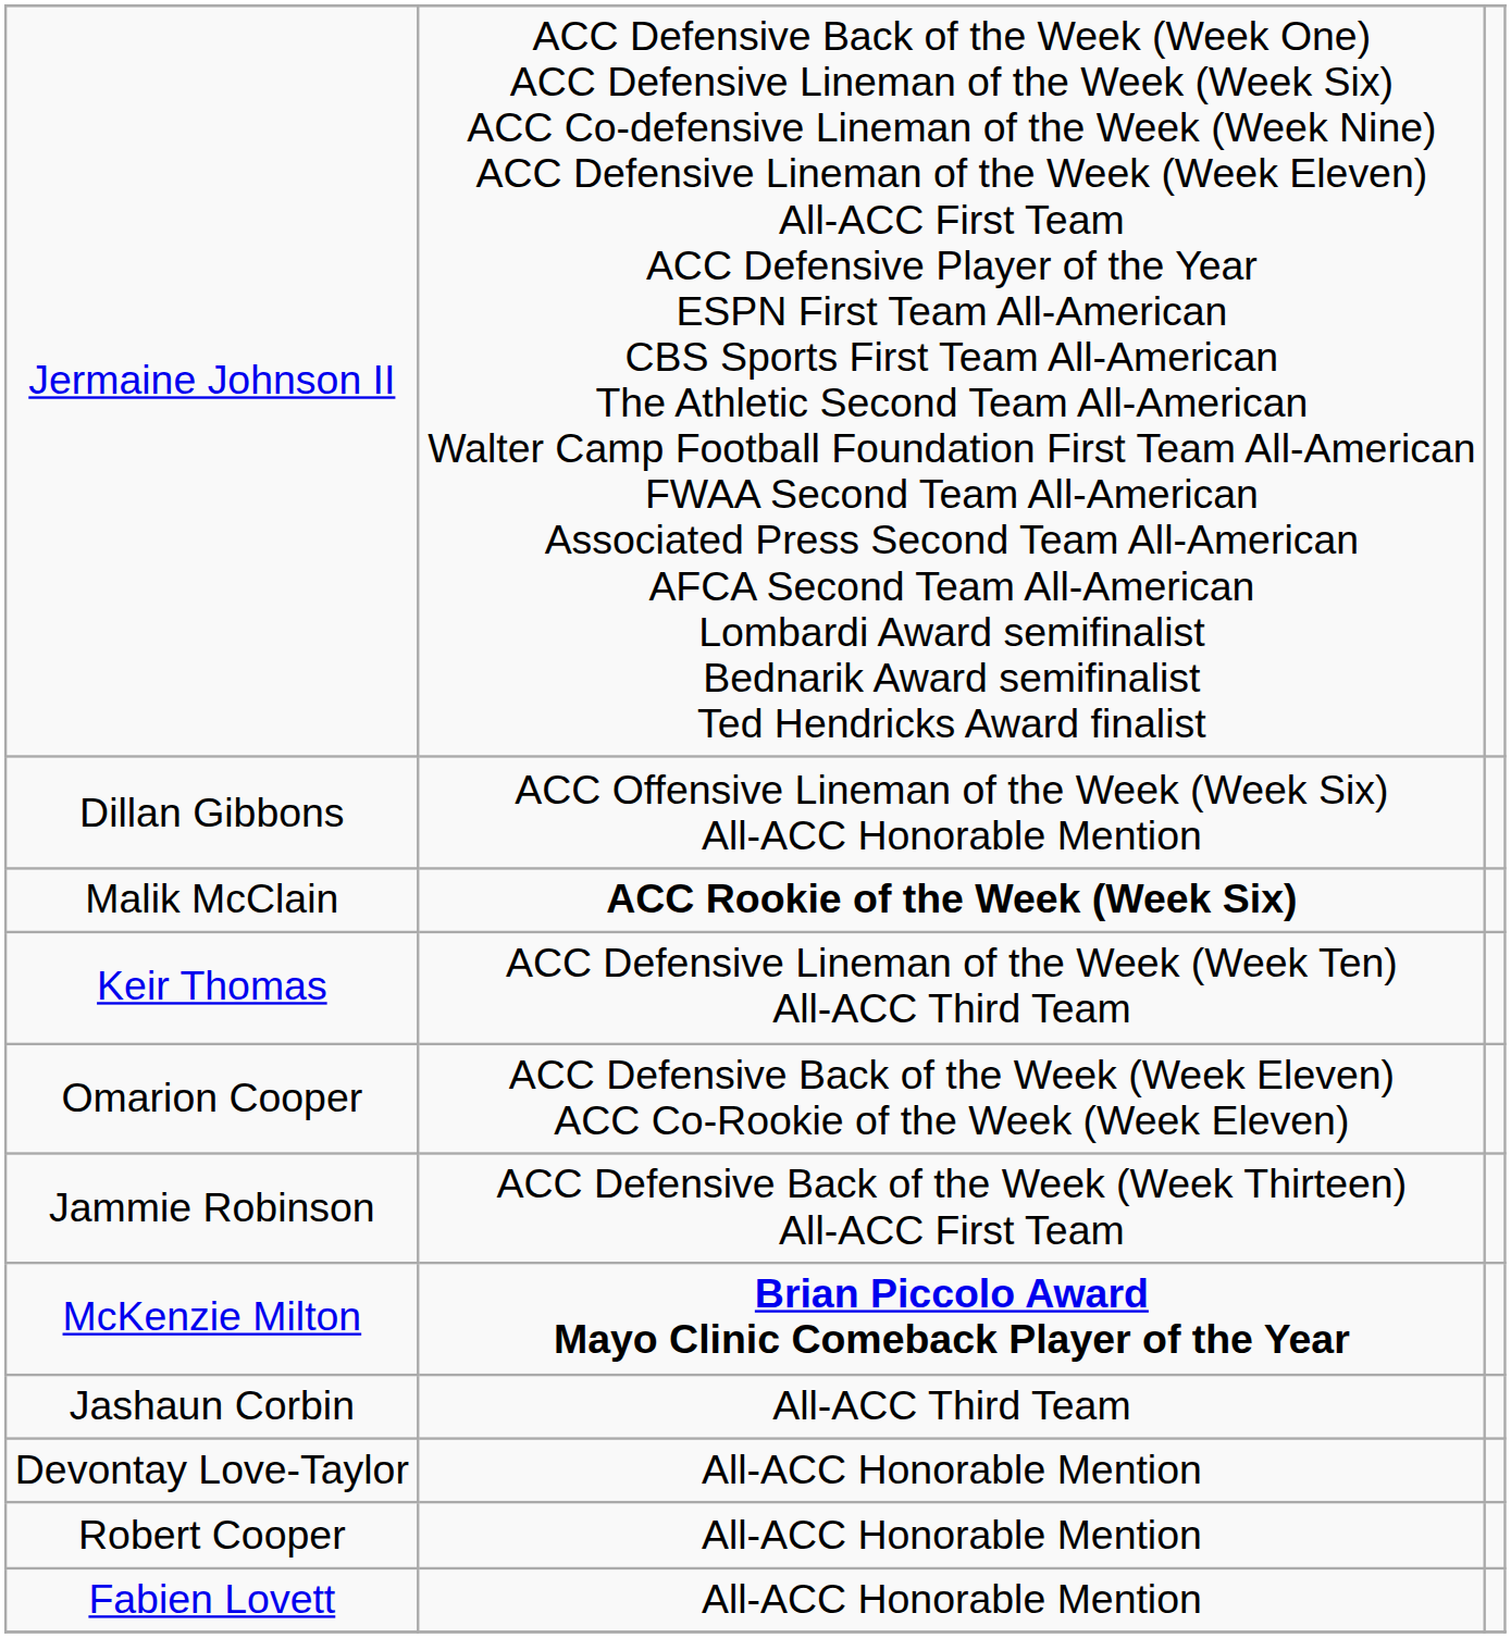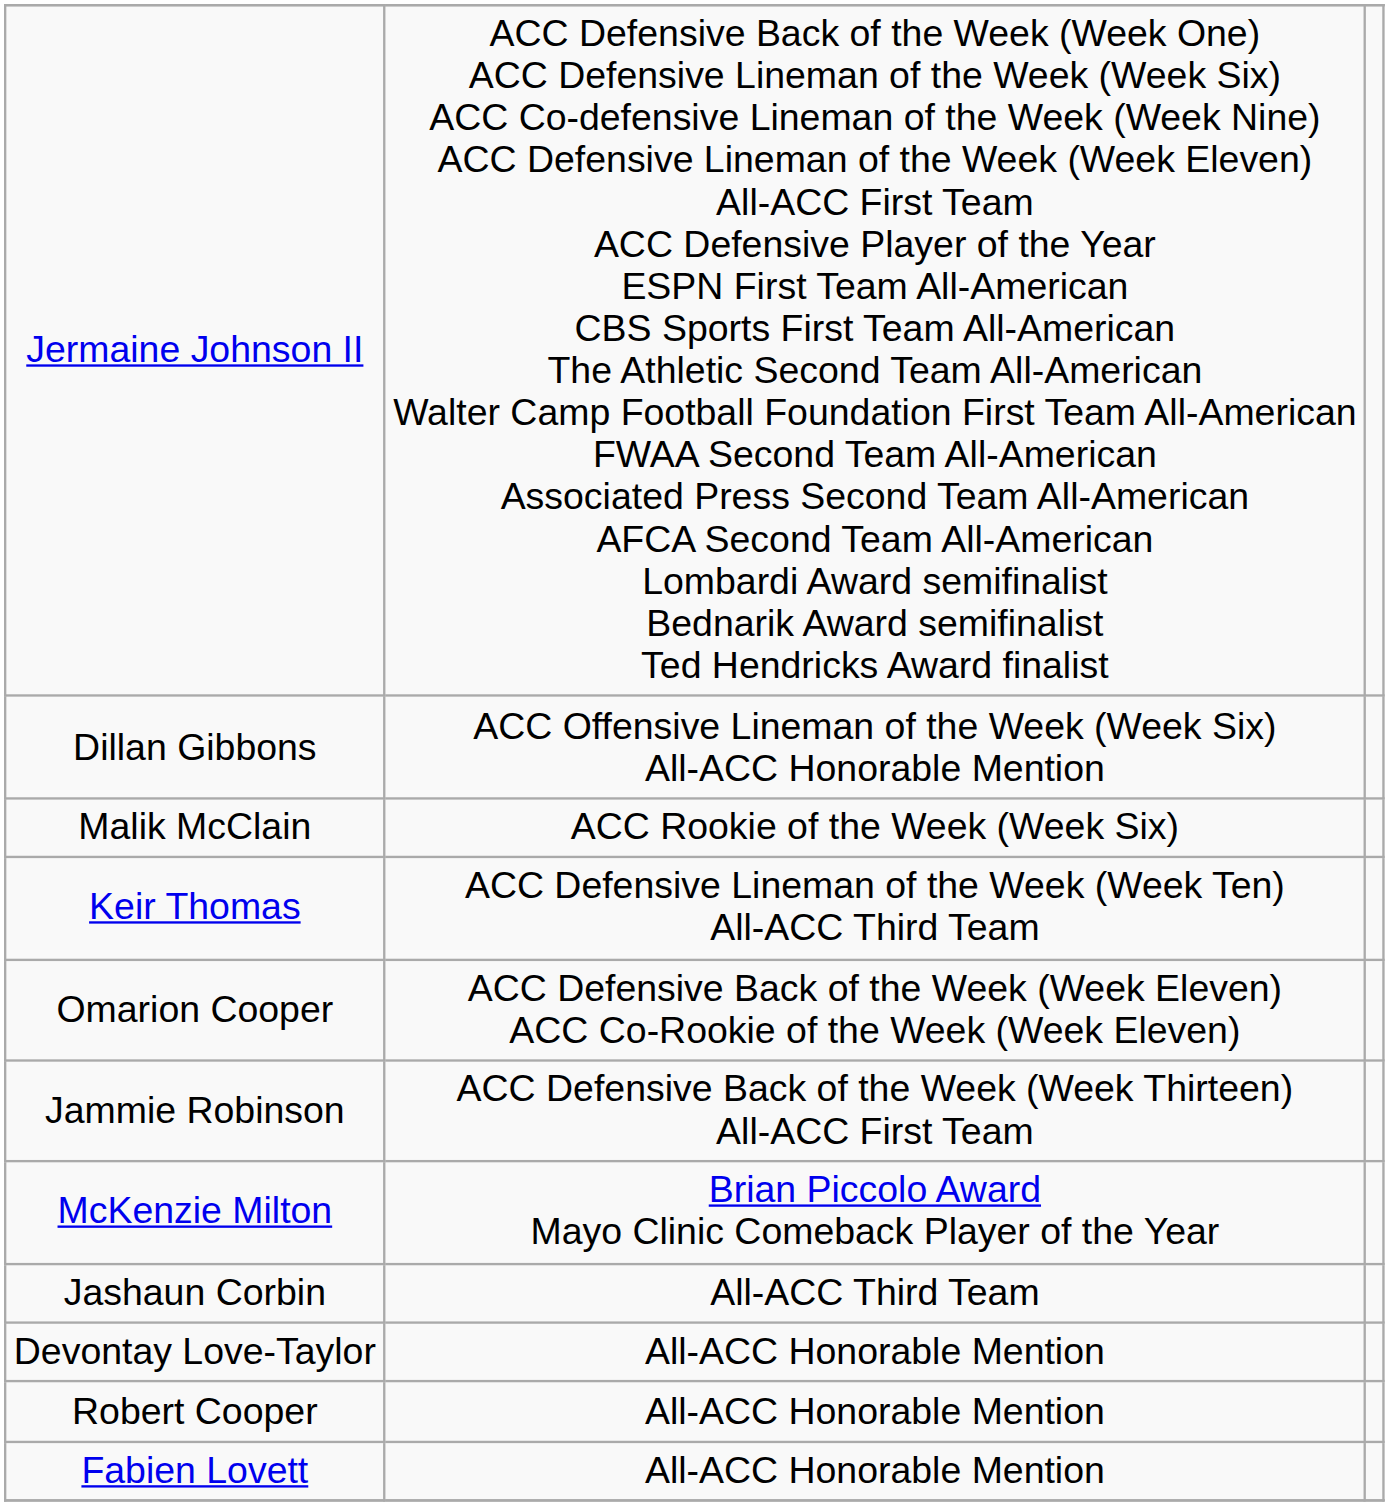 <table class="wikitable sortable sortable" style="text-align: center">
 <tr align=center>
 </tr>
 <tr>
 <td><a href='#'>Jermaine Johnson II</a></td>
 <td>ACC Defensive Back of the Week (Week One)<br>ACC Defensive Lineman of the Week (Week Six)<br>ACC Co-defensive Lineman of the Week (Week Nine)<br>ACC Defensive Lineman of the Week (Week Eleven)<br>All-ACC First Team<br>ACC Defensive Player of the Year<br>ESPN First Team All-American<br>CBS Sports First Team All-American<br>The Athletic Second Team All-American<br>Walter Camp Football Foundation First Team All-American<br>FWAA Second Team All-American<br>Associated Press Second Team All-American<br>AFCA Second Team All-American<br>Lombardi Award semifinalist<br>Bednarik Award semifinalist<br>Ted Hendricks Award finalist</td>
 <td></td>
 </tr>
 <tr>
 <td>Dillan Gibbons</td>
 <td>ACC Offensive Lineman of the Week (Week Six)<br>All-ACC Honorable Mention</td>
 <td></td>
 </tr>
 <tr>
 <td>Malik McClain</td>
-<td><strong>ACC Rookie of the Week (Week Six)</strong></td>
+<td>ACC Rookie of the Week (Week Six)</td>
 <td></td>
 </tr>
 <tr>
 <td><a href='#'>Keir Thomas</a></td>
 <td>ACC Defensive Lineman of the Week (Week Ten)<br>All-ACC Third Team</td>
 <td></td>
 </tr>
 <tr>
 <td>Omarion Cooper</td>
 <td>ACC Defensive Back of the Week (Week Eleven)<br>ACC Co-Rookie of the Week (Week Eleven)</td>
 <td></td>
 </tr>
 <tr>
 <td>Jammie Robinson</td>
 <td>ACC Defensive Back of the Week (Week Thirteen)<br>All-ACC First Team</td>
 <td></td>
 </tr>
 <tr>
 <td><a href='#'>McKenzie Milton</a></td>
-<td><strong><a href='#'>Brian Piccolo Award</a><br>Mayo Clinic Comeback Player of the Year</strong></td>
+<td><a href='#'>Brian Piccolo Award</a><br>Mayo Clinic Comeback Player of the Year</td>
 <td></td>
 </tr>
 <tr>
 <td>Jashaun Corbin</td>
 <td>All-ACC Third Team</td>
 <td></td>
 </tr>
 <tr>
 <td>Devontay Love-Taylor</td>
 <td>All-ACC Honorable Mention</td>
 <td></td>
 </tr>
 <tr>
 <td>Robert Cooper</td>
 <td>All-ACC Honorable Mention</td>
 <td></td>
 </tr>
 <tr>
 <td><a href='#'>Fabien Lovett</a></td>
 <td>All-ACC Honorable Mention</td>
 <td></td>
 </tr>
 <tr>
 </tr>
 </table>
